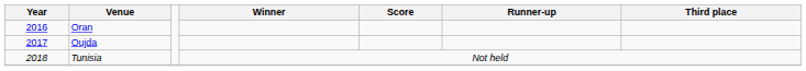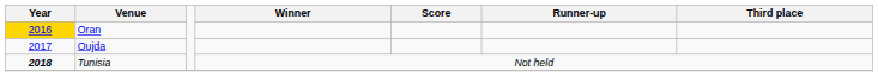 <table class="wikitable" style="font-size:90%; width: 75%; text-align: center;">
 <tr>
 <th width=60>Year</th>
 <th width=100>Venue</th>
 <td style="width:1%;" rowspan="4"></td>
 <th width=180>Winner</th>
 <th width=80>Score</th>
 <th width=180>Runner-up</th>
 <th width=180>Third place</th>
 </tr>
 <tr>
-<td align=center><a href='#'>2016</a></td>
+<td align=center style="background: gold;"><a href='#'>2016</a></td>
 <td align=left> <a href='#'>Oran</a></td>
 <td><strong></strong></td>
 <td></td>
 <td></td>
 <td></td>
 </tr>
 <tr>
 <td align=center><a href='#'>2017</a></td>
 <td align=left> <a href='#'>Oujda</a></td>
 <td><strong></strong></td>
 <td></td>
 <td></td>
 <td></td>
 </tr>
 <tr>
-<td align=center><em>2018</em></td>
+<td align=center><strong><em>2018</em></strong></td>
 <td align=left> <em>Tunisia</em></td>
 <td colspan=4><em>Not held</em></td>
 </tr>
 <tr>
 </tr>
 </table>
